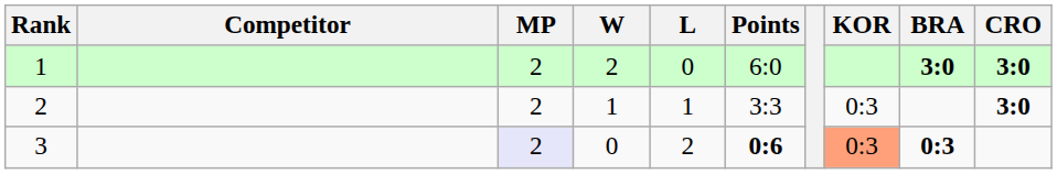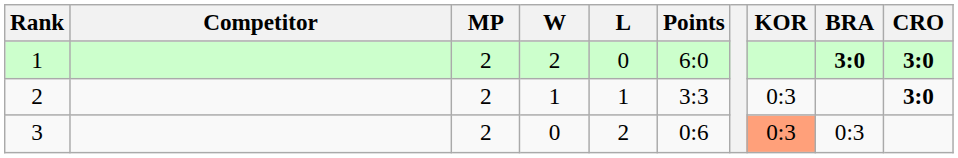 <table class="wikitable" style="text-align:center">
 <tr>
 <th>Rank</th>
 <th style="width:16em">Competitor</th>
 <th style="width:2.5em">MP</th>
 <th style="width:2.5em">W</th>
 <th style="width:2.5em">L</th>
 <th>Points</th>
 <th rowspan="4"> </th>
 <th style="width:2.5em">KOR</th>
 <th style="width:2.5em">BRA</th>
 <th style="width:2.5em">CRO</th>
 </tr>
 <tr style="background:#cfc;">
 <td>1</td>
 <td style="text-align:left"></td>
 <td>2</td>
 <td>2</td>
 <td>0</td>
 <td>6:0</td>
 <td></td>
 <td><strong>3:0</strong></td>
 <td><strong>3:0</strong></td>
 </tr>
 <tr>
 <td>2</td>
 <td style="text-align:left"></td>
 <td>2</td>
 <td>1</td>
 <td>1</td>
 <td>3:3</td>
 <td>0:3</td>
 <td></td>
 <td><strong>3:0</strong></td>
 </tr>
 <tr>
 <td>3</td>
 <td style="text-align:left"></td>
-<td style="background: lavender;">2</td>
+<td>2</td>
 <td>0</td>
 <td>2</td>
-<td><strong>0:6</strong></td>
+<td>0:6</td>
 <td style="background: lightsalmon;">0:3</td>
-<td><strong>0:3</strong></td>
+<td>0:3</td>
 <td></td>
 </tr>
 </table>
